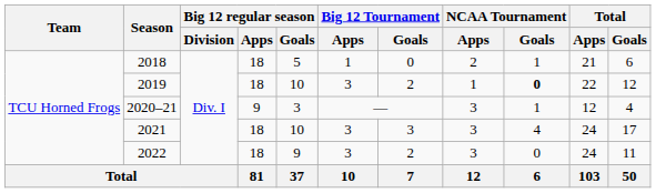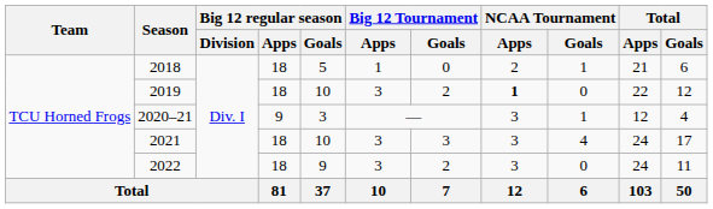 <table class="wikitable" style="text-align: center;">
 <tr>
 <th rowspan="2">Team</th>
 <th rowspan="2">Season</th>
 <th colspan="3">Big 12 regular season</th>
 <th colspan="2"><a href='#'>Big 12 Tournament</a></th>
 <th colspan="2">NCAA Tournament</th>
 <th colspan="2">Total</th>
 </tr>
 <tr>
 <th>Division</th>
 <th>Apps</th>
 <th>Goals</th>
 <th>Apps</th>
 <th>Goals</th>
 <th>Apps</th>
 <th>Goals</th>
 <th>Apps</th>
 <th>Goals</th>
 </tr>
 <tr>
 <td rowspan="5"><a href='#'>TCU Horned Frogs</a></td>
 <td>2018</td>
 <td rowspan="5"><a href='#'>Div. I</a></td>
 <td>18</td>
 <td>5</td>
 <td>1</td>
 <td>0</td>
 <td>2</td>
 <td>1</td>
 <td>21</td>
 <td>6</td>
 </tr>
 <tr>
 <td>2019</td>
 <td>18</td>
 <td>10</td>
 <td>3</td>
 <td>2</td>
-<td>1</td>
-<td><strong>0</strong></td>
+<td><strong>1</strong></td>
+<td>0</td>
 <td>22</td>
 <td>12</td>
 </tr>
 <tr>
 <td>2020–21</td>
 <td>9</td>
 <td>3</td>
 <td colspan="2">—</td>
 <td>3</td>
 <td>1</td>
 <td>12</td>
 <td>4</td>
 </tr>
 <tr>
 <td>2021</td>
 <td>18</td>
 <td>10</td>
 <td>3</td>
 <td>3</td>
 <td>3</td>
 <td>4</td>
 <td>24</td>
 <td>17</td>
 </tr>
 <tr>
 <td>2022</td>
 <td>18</td>
 <td>9</td>
 <td>3</td>
 <td>2</td>
 <td>3</td>
 <td>0</td>
 <td>24</td>
 <td>11</td>
 </tr>
 <tr>
 <th colspan="3">Total</th>
 <th>81</th>
 <th>37</th>
 <th>10</th>
 <th>7</th>
 <th>12</th>
 <th>6</th>
 <th>103</th>
 <th>50</th>
 </tr>
 </table>
